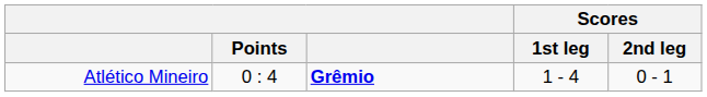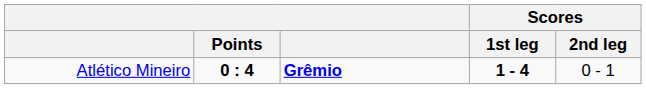 <table class="wikitable" style="text-align:center;">
 <tr>
 <th colspan=3></th>
 <th colspan=3>Scores</th>
 </tr>
 <tr>
 <th width="175"></th>
 <th width="75">Points</th>
 <th width="175"></th>
 <th width="75">1st leg</th>
 <th width="75">2nd leg</th>
 </tr>
 <tr>
 <td align=right><a href='#'>Atlético Mineiro</a></td>
-<td>0 : 4</td>
+<td><strong>0 : 4</strong></td>
 <td align=left><strong><a href='#'>Grêmio</a></strong></td>
-<td>1 - 4</td>
+<td><strong>1 - 4</strong></td>
 <td>0 - 1</td>
 </tr>
 </table>
